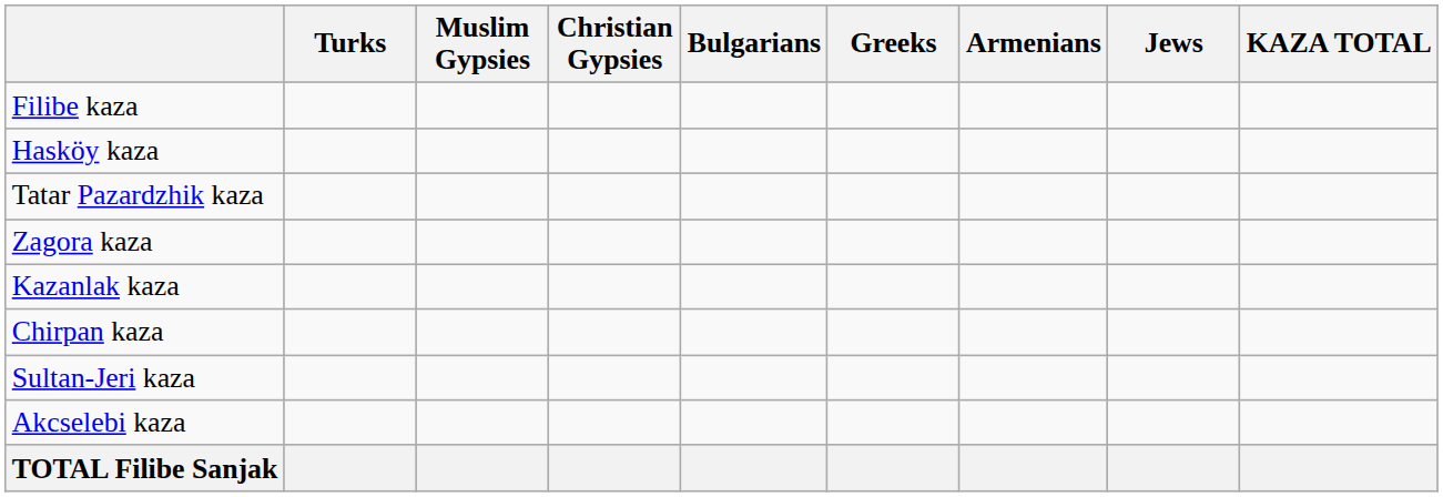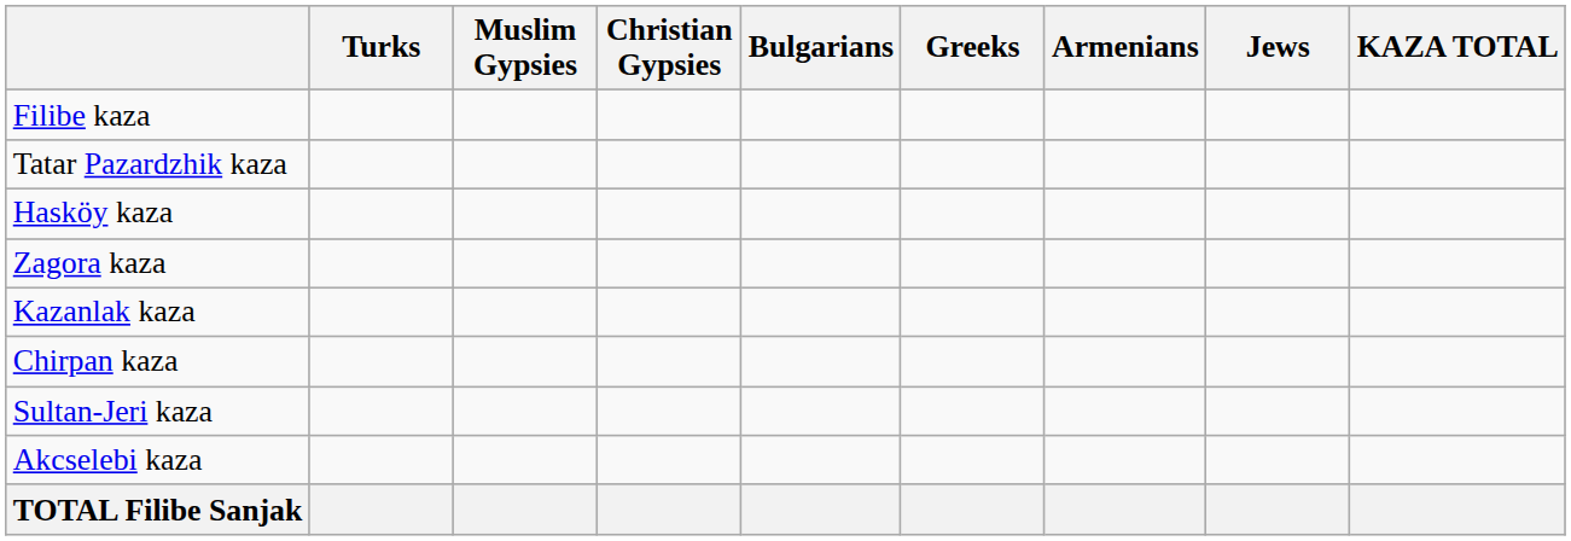 <table class="wikitable sortable">
 <tr>
 <th></th>
 <th style="width:50pt;">Turks</th>
 <th style="width:50pt;">Muslim Gypsies</th>
 <th style="width:50pt;">Christian Gypsies</th>
 <th style="width:50pt;">Bulgarians</th>
 <th style="width:50pt;">Greeks</th>
 <th style="width:50pt;">Armenians</th>
 <th style="width:50pt;">Jews</th>
 <th>KAZA TOTAL</th>
 </tr>
 <tr>
 <td><a href='#'>Filibe</a> kaza</td>
 <td></td>
 <td></td>
 <td></td>
 <td></td>
 <td></td>
 <td></td>
 <td></td>
 <td></td>
 </tr>
 <tr>
-<td><a href='#'>Hasköy</a> kaza</td>
+<td>Tatar <a href='#'>Pazardzhik</a> kaza</td>
 <td></td>
 <td></td>
 <td></td>
 <td></td>
 <td></td>
 <td></td>
 <td></td>
 <td></td>
 </tr>
 <tr>
-<td>Tatar <a href='#'>Pazardzhik</a> kaza</td>
+<td><a href='#'>Hasköy</a> kaza</td>
 <td></td>
 <td></td>
 <td></td>
 <td></td>
 <td></td>
 <td></td>
 <td></td>
 <td></td>
 </tr>
 <tr>
 <td><a href='#'>Zagora</a> kaza</td>
 <td></td>
 <td></td>
 <td></td>
 <td></td>
 <td></td>
 <td></td>
 <td></td>
 <td></td>
 </tr>
 <tr>
 <td><a href='#'>Kazanlak</a> kaza</td>
 <td></td>
 <td></td>
 <td></td>
 <td></td>
 <td></td>
 <td></td>
 <td></td>
 <td></td>
 </tr>
 <tr>
 <td><a href='#'>Chirpan</a> kaza</td>
 <td></td>
 <td></td>
 <td></td>
 <td></td>
 <td></td>
 <td></td>
 <td></td>
 <td></td>
 </tr>
 <tr>
 <td><a href='#'>Sultan-Jeri</a> kaza</td>
 <td></td>
 <td></td>
 <td></td>
 <td></td>
 <td></td>
 <td></td>
 <td></td>
 <td></td>
 </tr>
 <tr>
 <td><a href='#'>Akcselebi</a> kaza</td>
 <td></td>
 <td></td>
 <td></td>
 <td></td>
 <td></td>
 <td></td>
 <td></td>
 <td></td>
 </tr>
 <tr>
 <th><strong>TOTAL Filibe Sanjak</strong></th>
 <th></th>
 <th></th>
 <th></th>
 <th></th>
 <th></th>
 <th></th>
 <th></th>
 <th></th>
 </tr>
 </table>
